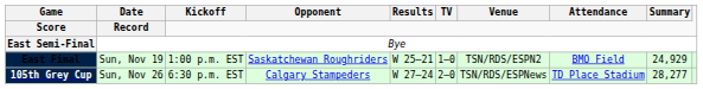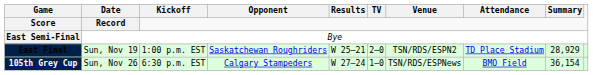 <table class="wikitable" style="font-size: 95%;">
 <tr>
 <th scope="col">Game</th>
 <th scope="col">Date</th>
 <th scope="col">Kickoff</th>
 <th scope="col">Opponent</th>
 <th scope="col">Results</th>
 <th scope="col">TV</th>
 <th scope="col">Venue</th>
 <th scope="col">Attendance</th>
 <th scope="col">Summary</th>
 </tr>
 <tr>
 <th scope="col">Score</th>
 <th scope="col">Record</th>
 </tr>
 <tr align="center" bgcolor="#ffffff">
 <th align="center">East Semi-Final</th>
 <td colspan=9 align="center" valign="middle"><em>Bye</em></td>
 </tr>
 <tr align="center" bgcolor="#ddffdd">
 <th style="text-align:center; background:#002147;"><span>East Final</span></th>
 <td align="center">Sun, Nov 19</td>
 <td align="center">1:00 p.m. EST</td>
 <td align="center"><a href='#'>Saskatchewan Roughriders</a></td>
 <td align="center">W 25–21</td>
-<td align="center">1–0</td>
+<td align="center">2–0</td>
 <td align="center">TSN/RDS/ESPN2</td>
-<td align="center"><a href='#'>BMO Field</a></td>
-<td align="center">24,929</td>
+<td align="center"><a href='#'>TD Place Stadium</a></td>
+<td align="center">28,929</td>
 <td align="center"></td>
 </tr>
 <tr align="center" bgcolor="#ddffdd">
 <th style="text-align:center; background:#002147;"><a href='#'><span style="color:white;">105th Grey Cup</span></a></th>
 <td align="center">Sun, Nov 26</td>
 <td align="center">6:30 p.m. EST</td>
 <td align="center"><a href='#'>Calgary Stampeders</a></td>
 <td align="center">W 27–24</td>
-<td align="center">2–0</td>
+<td align="center">1–0</td>
 <td align="center">TSN/RDS/ESPNews</td>
-<td align="center"><a href='#'>TD Place Stadium</a></td>
-<td align="center">28,277</td>
+<td align="center"><a href='#'>BMO Field</a></td>
+<td align="center">36,154</td>
 <td align="center"></td>
 </tr>
 </table>
